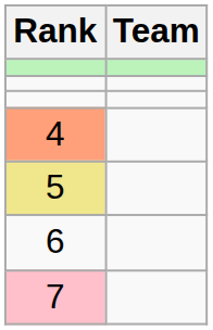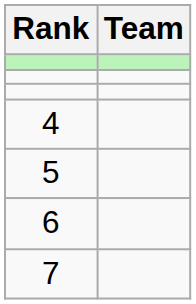 <table class=wikitable>
 <tr>
 <th>Rank</th>
 <th>Team</th>
 </tr>
 <tr bgcolor=bbf3bb>
 <td align=center></td>
 <td></td>
 </tr>
 <tr>
 <td align=center></td>
 <td></td>
 </tr>
 <tr>
 <td align=center></td>
 <td></td>
 </tr>
 <tr>
-<td align=center style="background: lightsalmon;">4</td>
+<td align=center>4</td>
 <td></td>
 </tr>
 <tr>
-<td align=center style="background: khaki;">5</td>
+<td align=center>5</td>
 <td></td>
 </tr>
 <tr>
 <td align=center>6</td>
 <td></td>
 </tr>
 <tr>
-<td align=center style="background: pink;">7</td>
+<td align=center>7</td>
 <td></td>
 </tr>
 </table>
